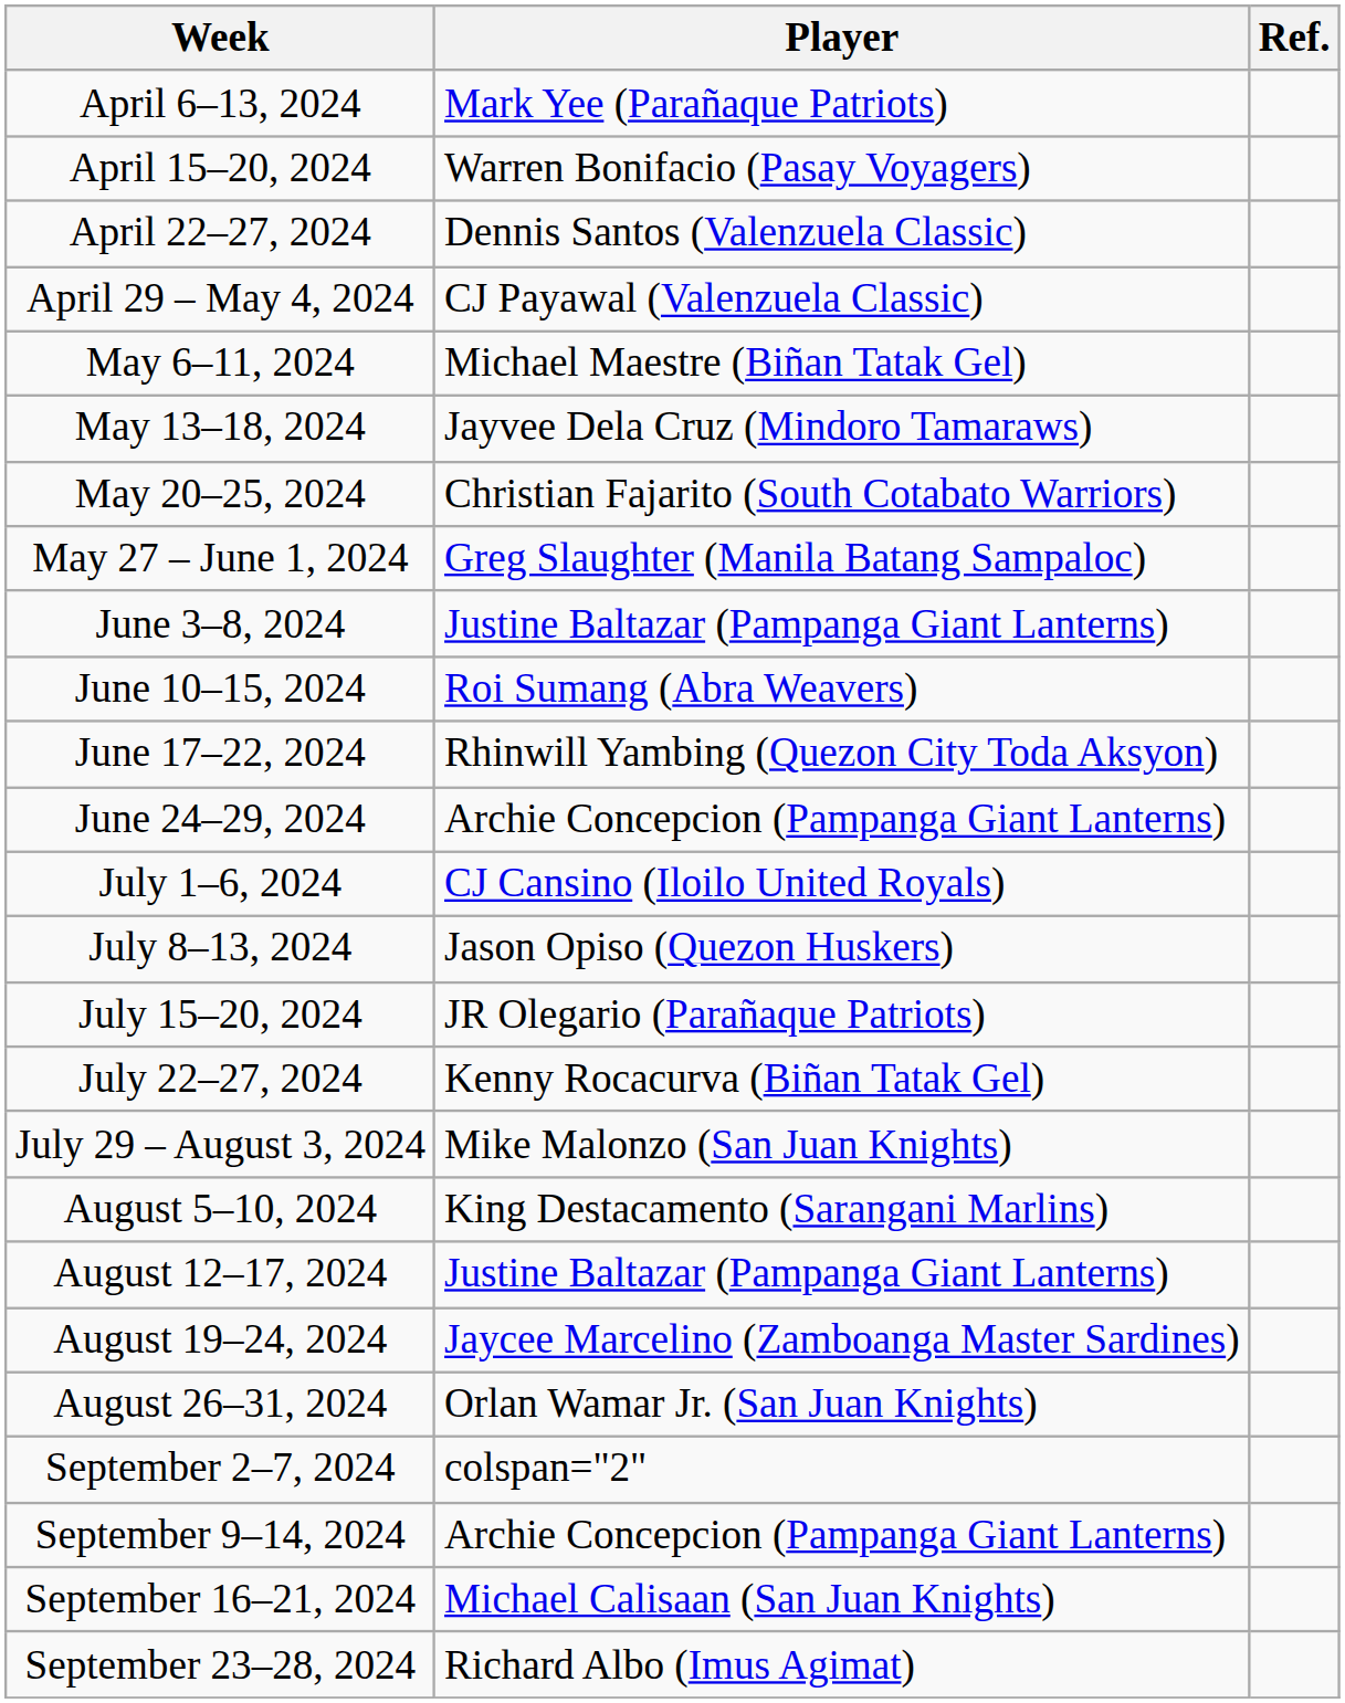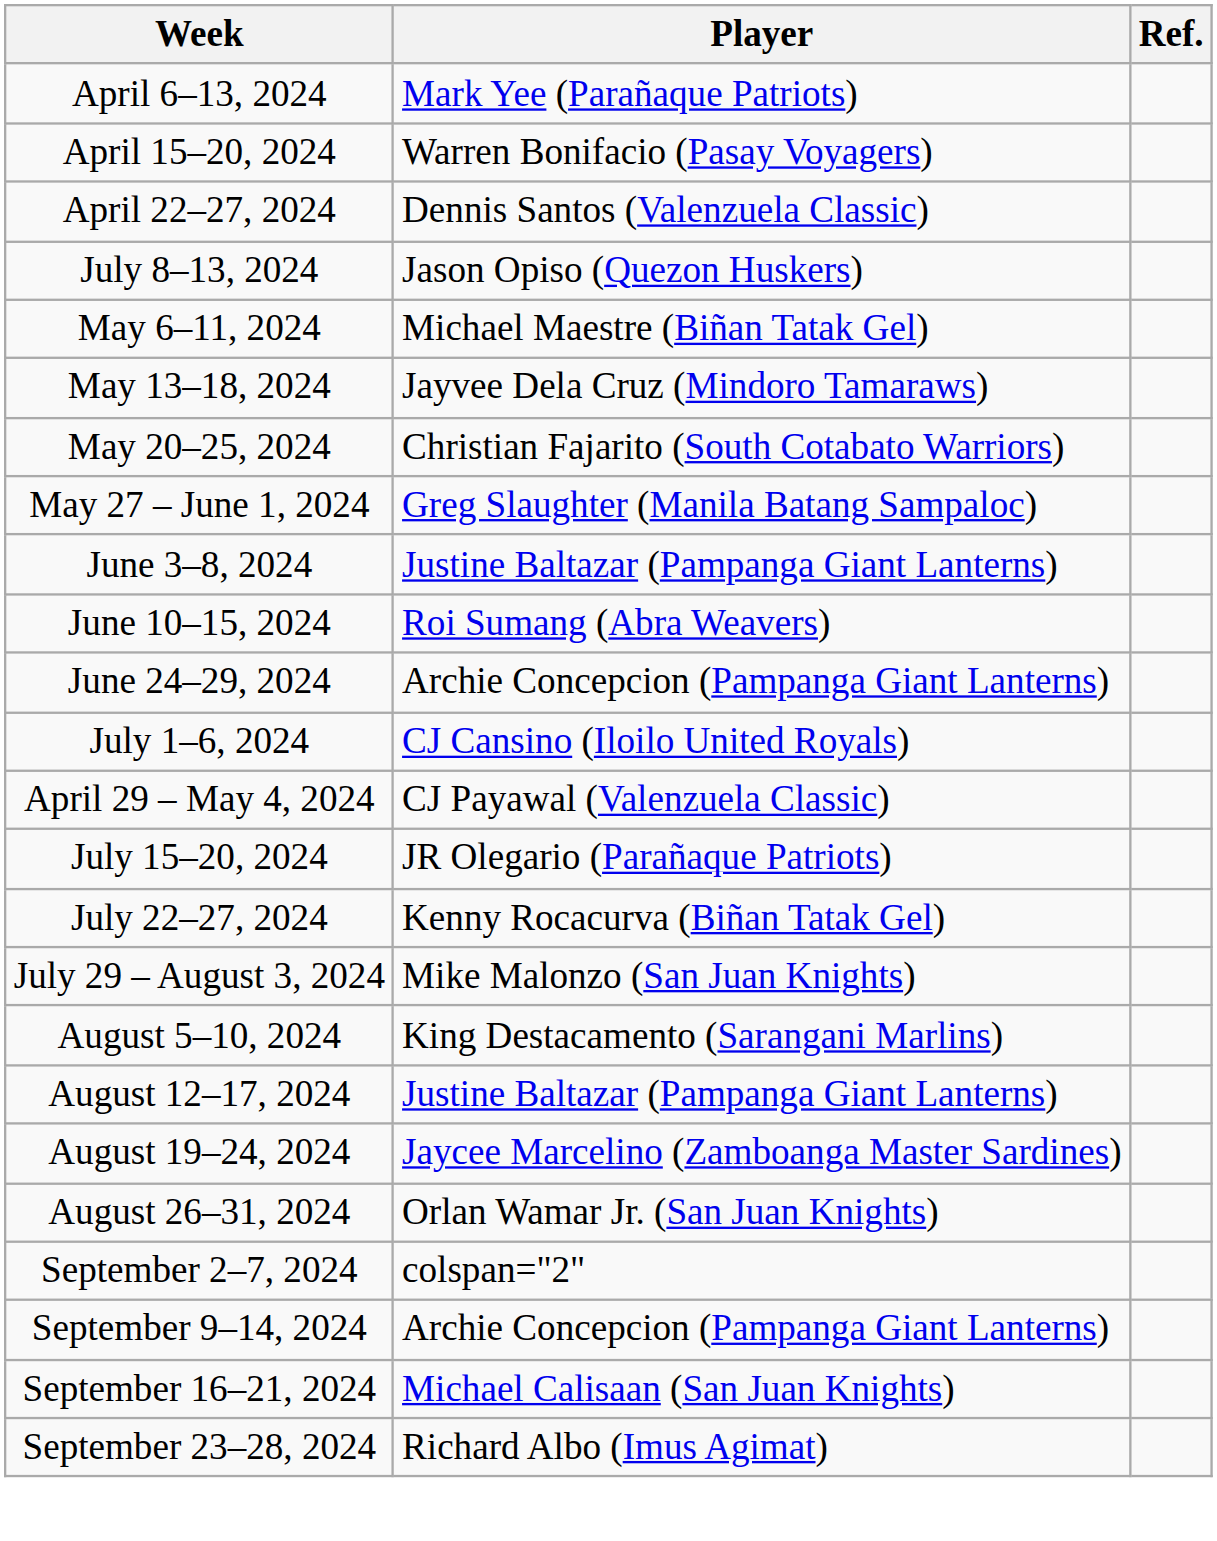 <table class="wikitable">
 <tr>
 <th>Week</th>
 <th>Player</th>
 <th>Ref.</th>
 </tr>
 <tr>
 <td align=center>April 6–13, 2024</td>
 <td><a href='#'>Mark Yee</a> (<a href='#'>Parañaque Patriots</a>)</td>
 <td></td>
 </tr>
 <tr>
 <td align=center>April 15–20, 2024</td>
 <td>Warren Bonifacio (<a href='#'>Pasay Voyagers</a>)</td>
 <td></td>
 </tr>
 <tr>
 <td align=center>April 22–27, 2024</td>
 <td>Dennis Santos (<a href='#'>Valenzuela Classic</a>)</td>
 <td></td>
 </tr>
 <tr>
-<td align=center>April 29 – May 4, 2024</td>
-<td>CJ Payawal (<a href='#'>Valenzuela Classic</a>)</td>
+<td align=center>July 8–13, 2024</td>
+<td>Jason Opiso (<a href='#'>Quezon Huskers</a>)</td>
 <td></td>
 </tr>
 <tr>
 <td align=center>May 6–11, 2024</td>
 <td>Michael Maestre (<a href='#'>Biñan Tatak Gel</a>)</td>
 <td></td>
 </tr>
 <tr>
 <td align=center>May 13–18, 2024</td>
 <td>Jayvee Dela Cruz (<a href='#'>Mindoro Tamaraws</a>)</td>
 <td></td>
 </tr>
 <tr>
 <td align=center>May 20–25, 2024</td>
 <td>Christian Fajarito (<a href='#'>South Cotabato Warriors</a>)</td>
 <td></td>
 </tr>
 <tr>
 <td align=center>May 27 – June 1, 2024</td>
 <td><a href='#'>Greg Slaughter</a> (<a href='#'>Manila Batang Sampaloc</a>)</td>
 <td></td>
 </tr>
 <tr>
 <td align=center>June 3–8, 2024</td>
 <td><a href='#'>Justine Baltazar</a> (<a href='#'>Pampanga Giant Lanterns</a>) </td>
 <td></td>
 </tr>
 <tr>
 <td align=center>June 10–15, 2024</td>
 <td><a href='#'>Roi Sumang</a> (<a href='#'>Abra Weavers</a>)</td>
 <td></td>
 </tr>
 <tr>
-<td align=center>June 17–22, 2024</td>
-<td>Rhinwill Yambing (<a href='#'>Quezon City Toda Aksyon</a>)</td>
-<td></td>
-</tr>
-<tr>
 <td align=center>June 24–29, 2024</td>
 <td>Archie Concepcion (<a href='#'>Pampanga Giant Lanterns</a>) </td>
 <td></td>
 </tr>
 <tr>
 <td align=center>July 1–6, 2024</td>
 <td><a href='#'>CJ Cansino</a> (<a href='#'>Iloilo United Royals</a>)</td>
 <td></td>
 </tr>
 <tr>
-<td align=center>July 8–13, 2024</td>
-<td>Jason Opiso (<a href='#'>Quezon Huskers</a>)</td>
+<td align=center>April 29 – May 4, 2024</td>
+<td>CJ Payawal (<a href='#'>Valenzuela Classic</a>)</td>
 <td></td>
 </tr>
 <tr>
 <td align=center>July 15–20, 2024</td>
 <td>JR Olegario (<a href='#'>Parañaque Patriots</a>)</td>
 <td></td>
 </tr>
 <tr>
 <td align=center>July 22–27, 2024</td>
 <td>Kenny Rocacurva (<a href='#'>Biñan Tatak Gel</a>)</td>
 <td></td>
 </tr>
 <tr>
 <td align=center>July 29 – August 3, 2024</td>
 <td>Mike Malonzo (<a href='#'>San Juan Knights</a>)</td>
 <td></td>
 </tr>
 <tr>
 <td align=center>August 5–10, 2024</td>
 <td>King Destacamento (<a href='#'>Sarangani Marlins</a>)</td>
 <td></td>
 </tr>
 <tr>
 <td align=center>August 12–17, 2024</td>
 <td><a href='#'>Justine Baltazar</a> (<a href='#'>Pampanga Giant Lanterns</a>)  </td>
 <td></td>
 </tr>
 <tr>
 <td align=center>August 19–24, 2024</td>
 <td><a href='#'>Jaycee Marcelino</a> (<a href='#'>Zamboanga Master Sardines</a>)</td>
 <td></td>
 </tr>
 <tr>
 <td align=center>August 26–31, 2024</td>
 <td>Orlan Wamar Jr. (<a href='#'>San Juan Knights</a>)</td>
 <td></td>
 </tr>
 <tr>
 <td align=center>September 2–7, 2024</td>
 <td>colspan="2" </td>
 </tr>
 <tr>
 <td align=center>September 9–14, 2024</td>
 <td>Archie Concepcion (<a href='#'>Pampanga Giant Lanterns</a>) </td>
 <td></td>
 </tr>
 <tr>
 <td align=center>September 16–21, 2024</td>
 <td><a href='#'>Michael Calisaan</a> (<a href='#'>San Juan Knights</a>)</td>
 <td></td>
 </tr>
 <tr>
 <td align=center>September 23–28, 2024</td>
 <td>Richard Albo (<a href='#'>Imus Agimat</a>)</td>
 <td></td>
 </tr>
 </table>
